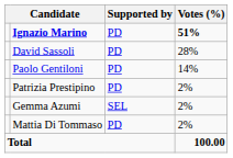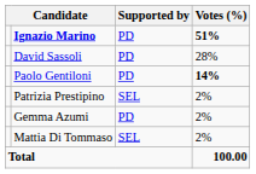 <table class="wikitable" style="font-size:95%">
 <tr style="background:#efefef;">
 <th colspan=2>Candidate</th>
 <th>Supported by</th>
 <th>Votes (%)</th>
 </tr>
 <tr>
 <td></td>
 <td><strong><a href='#'>Ignazio Marino</a></strong></td>
 <td><a href='#'>PD</a></td>
 <td><strong>51%</strong></td>
 </tr>
 <tr>
 <td></td>
 <td><a href='#'>David Sassoli</a></td>
 <td><a href='#'>PD</a></td>
 <td>28%</td>
 </tr>
 <tr>
 <td></td>
 <td><a href='#'>Paolo Gentiloni</a></td>
 <td><a href='#'>PD</a></td>
-<td>14%</td>
+<td><strong>14%</strong></td>
 </tr>
 <tr>
 <td></td>
 <td>Patrizia Prestipino</td>
+<td><a href='#'>SEL</a></td>
+<td>2%</td>
+</tr>
+<tr>
+<td></td>
+<td>Gemma Azumi</td>
 <td><a href='#'>PD</a></td>
 <td>2%</td>
 </tr>
 <tr>
 <td></td>
-<td>Gemma Azumi</td>
+<td>Mattia Di Tommaso</td>
 <td><a href='#'>SEL</a></td>
-<td>2%</td>
-</tr>
-<tr>
-<td></td>
-<td>Mattia Di Tommaso</td>
-<td><a href='#'>PD</a></td>
 <td>2%</td>
 </tr>
 <tr>
 <td align="left" colspan=3><strong>Total</strong></td>
 <td align="right"><strong>100.00</strong></td>
 </tr>
 </table>
